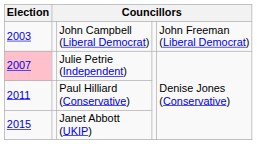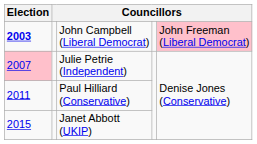 <table class="wikitable">
 <tr>
 <th>Election</th>
 <th colspan="4">Councillors</th>
 </tr>
 <tr>
-<td><a href='#'>2003</a></td>
+<td><strong><a href='#'>2003</a></strong></td>
 <td rowspan="1;" style="background-color: "></td>
 <td>John Campbell<br>(<a href='#'>Liberal Democrat</a>)</td>
 <td rowspan="1;" style="background-color: "></td>
-<td>John Freeman<br>(<a href='#'>Liberal Democrat</a>)</td>
+<td style="background: pink;">John Freeman<br>(<a href='#'>Liberal Democrat</a>)</td>
 </tr>
 <tr>
 <td style="background: pink;"><a href='#'>2007</a></td>
 <td rowspan="1;" style="background-color: "></td>
 <td>Julie Petrie<br>(<a href='#'>Independent</a>)</td>
 <td rowspan="3" style="background-color: "></td>
 <td rowspan="3">Denise Jones<br>(<a href='#'>Conservative</a>)</td>
 </tr>
 <tr>
 <td><a href='#'>2011</a></td>
 <td rowspan="1;" style="background-color: "></td>
 <td>Paul Hilliard<br>(<a href='#'>Conservative</a>)</td>
 </tr>
 <tr>
 <td><a href='#'>2015</a></td>
 <td rowspan="1;" style="background-color: "></td>
 <td>Janet Abbott<br>(<a href='#'>UKIP</a>)</td>
 </tr>
 </table>
